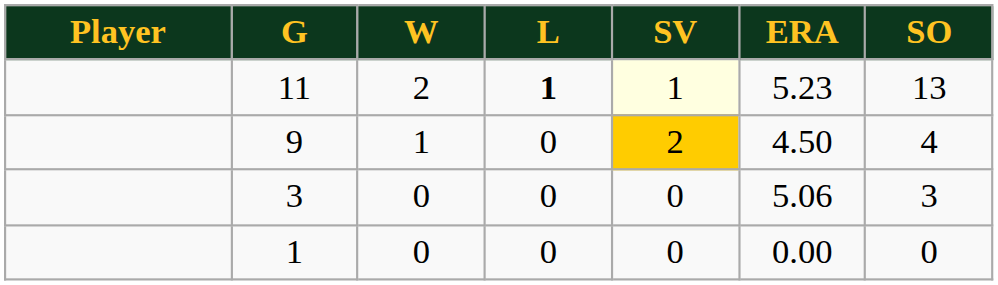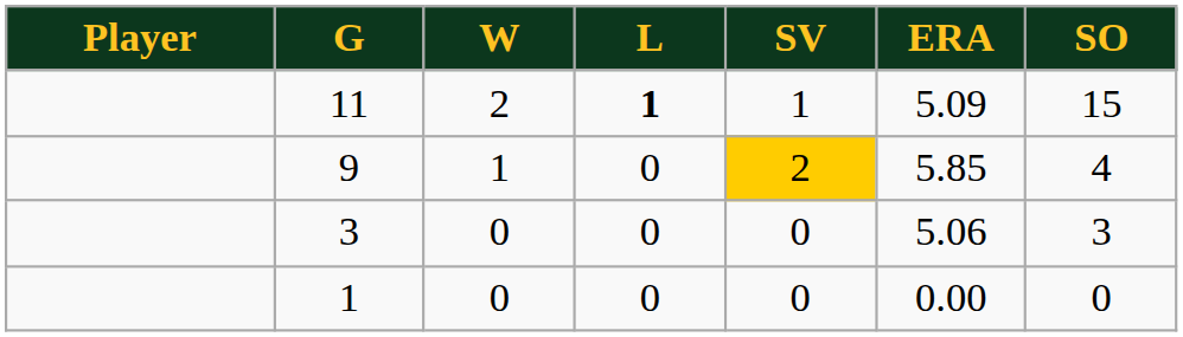 <table class="wikitable sortable">
 <tr>
 <th style="background:#0C371D;color:#ffc322;" width="16%">Player</th>
 <th style="background:#0C371D;color:#ffc322;" width="9%">G</th>
 <th style="background:#0C371D;color:#ffc322;" width="9%">W</th>
 <th style="background:#0C371D;color:#ffc322;" width="9%">L</th>
 <th style="background:#0C371D;color:#ffc322;" width="9%">SV</th>
 <th style="background:#0C371D;color:#ffc322;" width="9%">ERA</th>
 <th style="background:#0C371D;color:#ffc322;" width="9%">SO</th>
 </tr>
 <tr align="center">
 <td></td>
 <td>11</td>
 <td>2</td>
 <td><strong>1</strong></td>
-<td style="background: lightyellow;">1</td>
-<td>5.23</td>
-<td>13</td>
+<td>1</td>
+<td>5.09</td>
+<td>15</td>
 </tr>
 <tr align="center">
 <td></td>
 <td>9</td>
 <td>1</td>
 <td>0</td>
 <td style="background:#fc0;">2</td>
-<td>4.50</td>
+<td>5.85</td>
 <td>4</td>
 </tr>
 <tr align="center">
 <td></td>
 <td>3</td>
 <td>0</td>
 <td>0</td>
 <td>0</td>
 <td>5.06</td>
 <td>3</td>
 </tr>
 <tr align="center">
 <td></td>
 <td>1</td>
 <td>0</td>
 <td>0</td>
 <td>0</td>
 <td>0.00</td>
 <td>0</td>
 </tr>
 </table>
